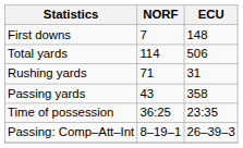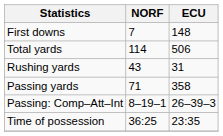 <table class="wikitable" style="float: left;">
 <tr>
 <th>Statistics</th>
 <th>NORF</th>
 <th>ECU</th>
 </tr>
 <tr>
 <td>First downs</td>
 <td>7</td>
 <td>148</td>
 </tr>
 <tr>
 <td>Total yards</td>
 <td>114</td>
 <td>506</td>
 </tr>
 <tr>
 <td>Rushing yards</td>
-<td>71</td>
+<td>43</td>
 <td>31</td>
 </tr>
 <tr>
 <td>Passing yards</td>
-<td>43</td>
+<td>71</td>
 <td>358</td>
+</tr>
+<tr>
+<td>Passing: Comp–Att–Int</td>
+<td>8–19–1</td>
+<td>26–39–3</td>
 </tr>
 <tr>
 <td>Time of possession</td>
 <td>36:25</td>
 <td>23:35</td>
 </tr>
 <tr>
-<td>Passing: Comp–Att–Int</td>
-<td>8–19–1</td>
-<td>26–39–3</td>
-</tr>
-<tr>
 </tr>
 </table>
